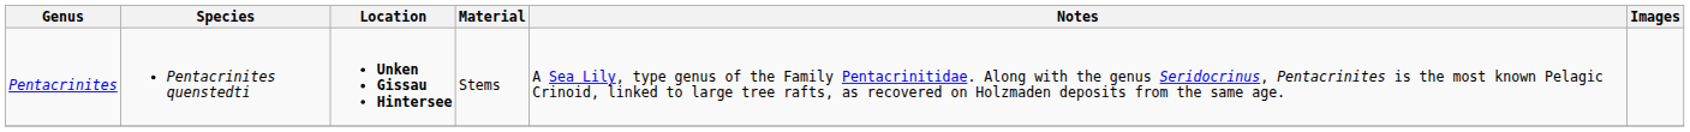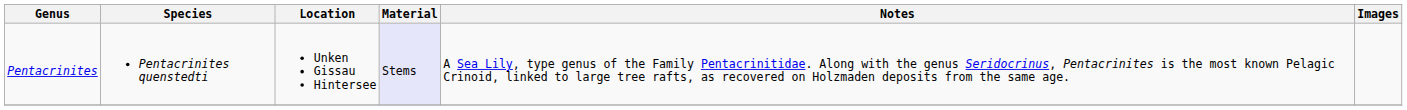 <table class = "wikitable">
 <tr>
 <th>Genus</th>
 <th>Species</th>
 <th>Location</th>
 <th>Material</th>
 <th>Notes</th>
 <th>Images</th>
 </tr>
 <tr>
 <td><br><em><a href='#'>Pentacrinites</a></em></td>
 <td><br><ul><li><em>Pentacrinites quenstedti</em></li></ul></td>
-<td><strong><br><ul><li>Unken</li><li>Gissau</li><li>Hintersee</li></ul></strong></td>
-<td><br>Stems</td>
+<td><br><ul><li>Unken</li><li>Gissau</li><li>Hintersee</li></ul></td>
+<td style="background: lavender;"><br>Stems</td>
 <td><br>A <a href='#'>Sea Lily</a>, type genus of the Family <a href='#'>Pentacrinitidae</a>. Along with the genus <em><a href='#'>Seridocrinus</a></em>, <em>Pentacrinites</em> is the most known Pelagic Crinoid, linked to large tree rafts, as recovered on Holzmaden deposits from the same age.</td>
 <td><br></td>
 </tr>
 <tr>
 </tr>
 </table>
